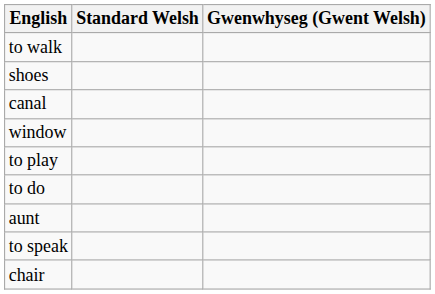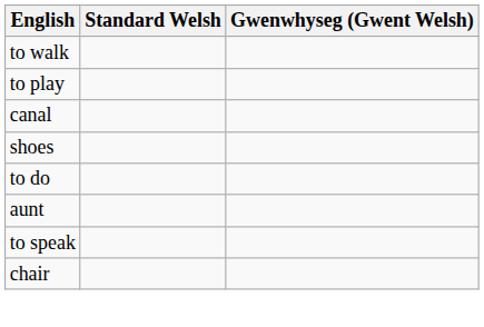 <table class="wikitable">
 <tr>
 <th>English</th>
 <th>Standard Welsh</th>
 <th>Gwenwhyseg (Gwent Welsh)</th>
 </tr>
 <tr>
 <td>to walk</td>
 <td></td>
 <td></td>
 </tr>
 <tr>
-<td>shoes</td>
+<td>to play</td>
 <td></td>
 <td></td>
 </tr>
 <tr>
 <td>canal</td>
 <td></td>
 <td></td>
 </tr>
 <tr>
-<td>window</td>
-<td></td>
-<td></td>
-</tr>
-<tr>
-<td>to play</td>
+<td>shoes</td>
 <td></td>
 <td></td>
 </tr>
 <tr>
 <td>to do</td>
 <td></td>
 <td></td>
 </tr>
 <tr>
 <td>aunt</td>
 <td></td>
 <td></td>
 </tr>
 <tr>
 <td>to speak</td>
 <td></td>
 <td></td>
 </tr>
 <tr>
 <td>chair</td>
 <td></td>
 <td></td>
 </tr>
 </table>
